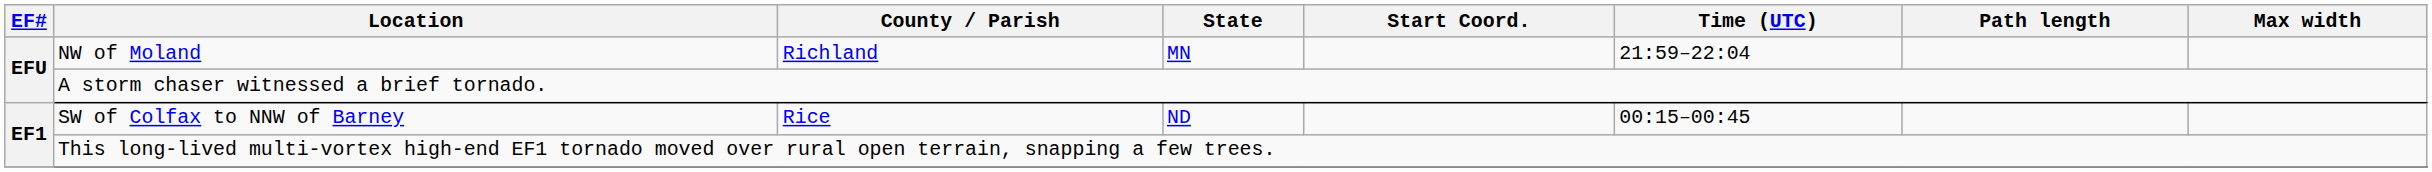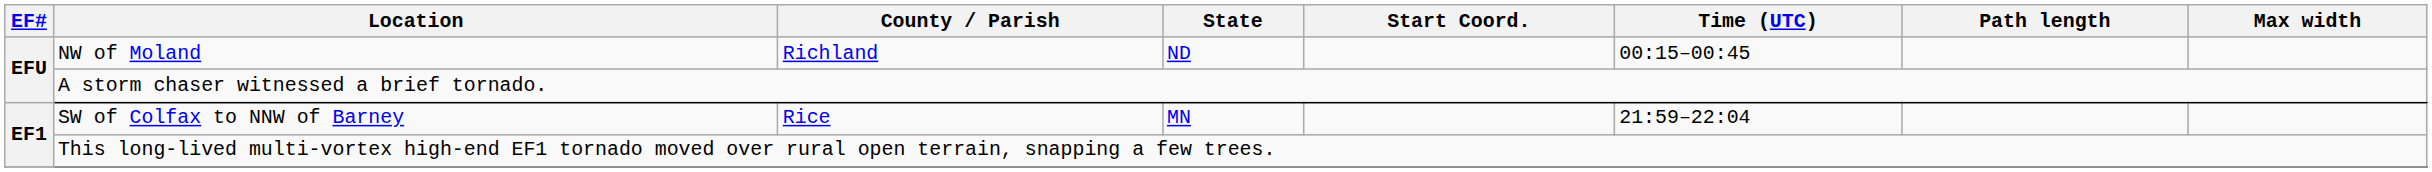 <table class="wikitable sortable" style="width:100%;">
 <tr>
 <th scope="col" width="2%" align="center"><a href='#'>EF#</a></th>
 <th scope="col" align="center" class="unsortable">Location</th>
 <th scope="col" align="center" class="unsortable">County / Parish</th>
 <th scope="col" align="center">State</th>
 <th scope="col" align="center">Start Coord.</th>
 <th scope="col" align="center">Time (<a href='#'>UTC</a>)</th>
 <th scope="col" align="center">Path length</th>
 <th scope="col" align="center">Max width</th>
 </tr>
 <tr>
 <th scope="row" rowspan="2" style="background-color:#">EFU</th>
 <td>NW of <a href='#'>Moland</a></td>
 <td><a href='#'>Richland</a></td>
-<td><a href='#'>MN</a></td>
+<td><a href='#'>ND</a></td>
 <td></td>
-<td>21:59–22:04</td>
+<td>00:15–00:45</td>
 <td></td>
 <td></td>
 </tr>
 <tr class="expand-child">
 <td colspan="8" style=" border-bottom: 1px solid black;">A storm chaser witnessed a brief tornado.</td>
 </tr>
 <tr>
 <th scope="row" rowspan="2" style="background-color:#">EF1</th>
 <td>SW of <a href='#'>Colfax</a> to NNW of <a href='#'>Barney</a></td>
 <td><a href='#'>Rice</a></td>
-<td><a href='#'>ND</a></td>
+<td><a href='#'>MN</a></td>
 <td></td>
-<td>00:15–00:45</td>
+<td>21:59–22:04</td>
 <td></td>
 <td></td>
 </tr>
 <tr class="expand-child">
 <td colspan="8" style=" border-bottom: 1px solid black;">This long-lived multi-vortex high-end EF1 tornado moved over rural open terrain, snapping a few trees.</td>
 </tr>
 <tr>
 </tr>
 </table>
